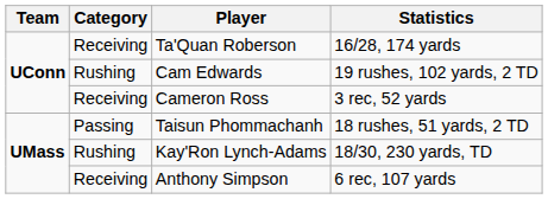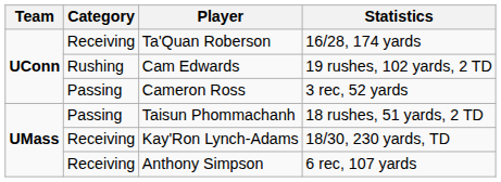 <table class="wikitable" style="float: right;">
 <tr>
 <th>Team</th>
 <th>Category</th>
 <th>Player</th>
 <th>Statistics</th>
 </tr>
 <tr>
 <td rowspan=3><strong>UConn</strong></td>
 <td>Receiving</td>
 <td>Ta'Quan Roberson</td>
 <td>16/28, 174 yards</td>
 </tr>
 <tr>
 <td>Rushing</td>
 <td>Cam Edwards</td>
 <td>19 rushes, 102 yards, 2 TD</td>
 </tr>
 <tr>
-<td>Receiving</td>
+<td>Passing</td>
 <td>Cameron Ross</td>
 <td>3 rec, 52 yards</td>
 </tr>
 <tr>
 <td rowspan=3><strong>UMass</strong></td>
 <td>Passing</td>
 <td>Taisun Phommachanh</td>
 <td>18 rushes, 51 yards, 2 TD</td>
 </tr>
 <tr>
-<td>Rushing</td>
+<td>Receiving</td>
 <td>Kay'Ron Lynch-Adams</td>
 <td>18/30, 230 yards, TD</td>
 </tr>
 <tr>
 <td>Receiving</td>
 <td>Anthony Simpson</td>
 <td>6 rec, 107 yards</td>
 </tr>
 </table>
